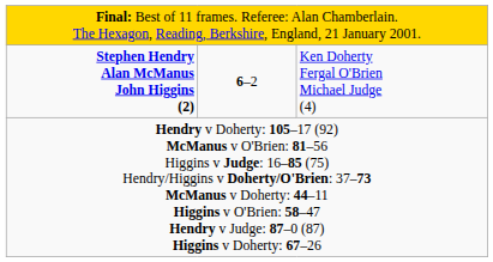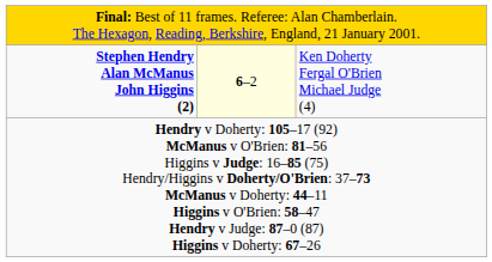 <table class="wikitable" style="font-size: 95%; margin: 1em auto 1em auto;">
 <tr>
 <td colspan="3" style="text-align:center; background:gold;"><strong>Final:</strong> Best of 11 frames. Referee: Alan Chamberlain.<br><a href='#'>The Hexagon</a>, <a href='#'>Reading, Berkshire</a>, England, 21 January 2001.</td>
 </tr>
 <tr>
 <td style="width:200px; text-align:right;"><strong><a href='#'>Stephen Hendry</a></strong><br><strong><a href='#'>Alan McManus</a></strong><br><strong><a href='#'>John Higgins</a></strong><br><strong></strong> <strong>(2)</strong></td>
-<td style="width:100px; text-align:center;"><strong>6</strong>–2</td>
+<td style="background: lightyellow; width:100px; text-align:center;"><strong>6</strong>–2</td>
 <td style="width:200px;"><a href='#'>Ken Doherty</a><br><a href='#'>Fergal O'Brien</a><br><a href='#'>Michael Judge</a><br> (4)</td>
 </tr>
 <tr>
 <td colspan="3" style="text-align:center; font-size:100%;"><strong>Hendry</strong> v Doherty: <strong>105</strong>–17 (92)<br><strong>McManus</strong> v O'Brien: <strong>81</strong>–56<br>Higgins v <strong>Judge</strong>: 16–<strong>85</strong> (75)<br>Hendry/Higgins v <strong>Doherty/O'Brien</strong>: 37–<strong>73</strong><br><strong>McManus</strong> v Doherty: <strong>44</strong>–11<br><strong>Higgins</strong> v O'Brien: <strong>58</strong>–47<br><strong>Hendry</strong> v Judge: <strong>87</strong>–0 (87)<br><strong>Higgins</strong> v Doherty: <strong>67</strong>–26</td>
 </tr>
 </table>
